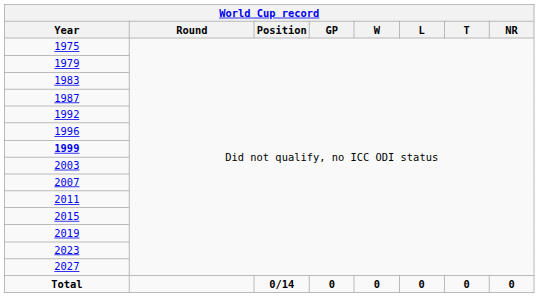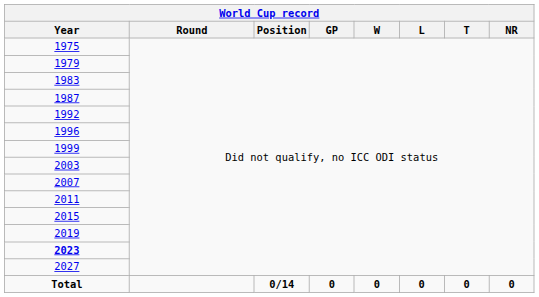 <table class="wikitable" style="text-align: center;">
 <tr>
 <th colspan=8><a href='#'>World Cup record</a></th>
 </tr>
 <tr>
 <th width=150>Year</th>
 <th width=150>Round</th>
 <th width=50>Position</th>
 <th width=50>GP</th>
 <th width=50>W</th>
 <th width=50>L</th>
 <th width=50>T</th>
 <th width=50>NR</th>
 </tr>
 <tr>
 <td> <a href='#'>1975</a></td>
 <td colspan=8 rowspan=14>Did not qualify, no ICC ODI status</td>
 </tr>
 <tr>
 <td> <a href='#'>1979</a></td>
 </tr>
 <tr>
 <td> <a href='#'>1983</a></td>
 </tr>
 <tr>
 <td>  <a href='#'>1987</a></td>
 </tr>
 <tr>
 <td>  <a href='#'>1992</a></td>
 </tr>
 <tr>
 <td>  <a href='#'>1996</a></td>
 </tr>
 <tr>
-<td><strong> <a href='#'>1999</a></strong></td>
+<td> <a href='#'>1999</a></td>
 </tr>
 <tr>
 <td> <a href='#'>2003</a></td>
 </tr>
 <tr>
 <td> <a href='#'>2007</a></td>
 </tr>
 <tr>
 <td>   <a href='#'>2011</a></td>
 </tr>
 <tr>
 <td>  <a href='#'>2015</a></td>
 </tr>
 <tr>
 <td>  <a href='#'>2019</a></td>
 </tr>
 <tr>
-<td> <a href='#'>2023</a></td>
+<td><strong> <a href='#'>2023</a></strong></td>
 </tr>
 <tr>
 <td>   <a href='#'>2027</a></td>
 </tr>
 <tr>
 <td><strong>Total</strong></td>
 <td></td>
 <td><strong>0/14</strong></td>
 <td><strong>0</strong></td>
 <td><strong>0</strong></td>
 <td><strong>0</strong></td>
 <td><strong>0</strong></td>
 <td><strong>0</strong></td>
 </tr>
 </table>
